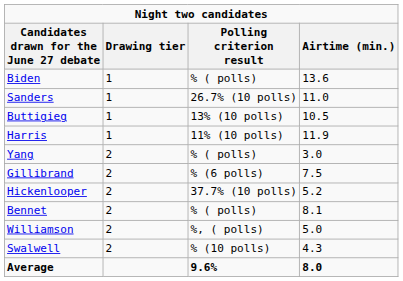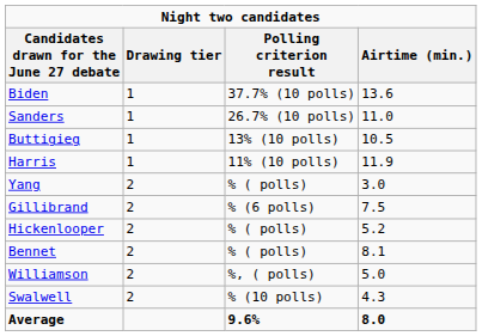 <table class="wikitable sortable" style="display:inline-table;line-height:16px;">
 <tr>
 <td colspan="4" style="text-align: center;"><strong>Night two candidates</strong></td>
 </tr>
 <tr>
 <th>Candidates<br> drawn for the<br> June 27 debate</th>
 <th>Drawing tier</th>
 <th>Polling<br> criterion<br> result</th>
 <th>Airtime (min.)</th>
 </tr>
 <tr>
 <td><a href='#'>Biden</a></td>
 <td>1</td>
-<td>% ( polls)</td>
+<td>37.7% (10 polls)</td>
 <td>13.6</td>
 </tr>
 <tr>
 <td><a href='#'>Sanders</a></td>
 <td>1</td>
 <td>26.7% (10 polls)</td>
 <td>11.0</td>
 </tr>
 <tr>
 <td><a href='#'>Buttigieg</a></td>
 <td>1</td>
 <td>13% (10 polls)</td>
 <td>10.5</td>
 </tr>
 <tr>
 <td><a href='#'>Harris</a></td>
 <td>1</td>
 <td>11% (10 polls)</td>
 <td>11.9</td>
 </tr>
 <tr>
 <td><a href='#'>Yang</a></td>
 <td>2</td>
 <td>% ( polls)</td>
 <td>3.0</td>
 </tr>
 <tr>
 <td><a href='#'>Gillibrand</a></td>
 <td>2</td>
 <td>% (6 polls)</td>
 <td>7.5</td>
 </tr>
 <tr>
 <td><a href='#'>Hickenlooper</a></td>
 <td>2</td>
-<td>37.7% (10 polls)</td>
+<td>% ( polls)</td>
 <td>5.2</td>
 </tr>
 <tr>
 <td><a href='#'>Bennet</a></td>
 <td>2</td>
 <td>% ( polls)</td>
 <td>8.1</td>
 </tr>
 <tr>
 <td><a href='#'>Williamson</a></td>
 <td>2</td>
 <td>%, ( polls)</td>
 <td>5.0</td>
 </tr>
 <tr>
 <td><a href='#'>Swalwell</a></td>
 <td>2</td>
 <td>% (10 polls)</td>
 <td>4.3</td>
 </tr>
 <tr>
 <td><strong>Average</strong></td>
 <td></td>
 <td><strong>9.6%</strong></td>
 <td><strong>8.0</strong></td>
 </tr>
 </table>
